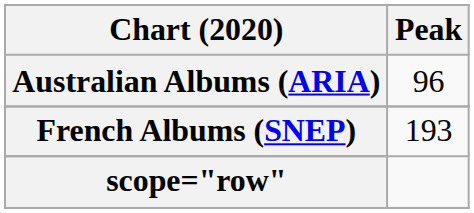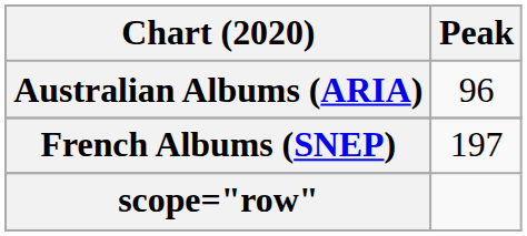 <table class="wikitable sortable plainrowheaders" style="text-align:center">
 <tr>
 <th scope="col">Chart (2020)</th>
 <th scope="col">Peak</th>
 </tr>
 <tr>
 <th scope="row">Australian Albums (<a href='#'>ARIA</a>)</th>
 <td>96</td>
 </tr>
 <tr>
 </tr>
 <tr>
 <th scope="row">French Albums (<a href='#'>SNEP</a>)</th>
-<td>193</td>
+<td>197</td>
 </tr>
 <tr>
 </tr>
 <tr>
 </tr>
 <tr>
 </tr>
 <tr>
 </tr>
 <tr>
 </tr>
 <tr>
 </tr>
 <tr>
 </tr>
 <tr>
 </tr>
 <tr>
 <th>scope="row" </th>
 </tr>
 <tr>
 </tr>
 </table>
